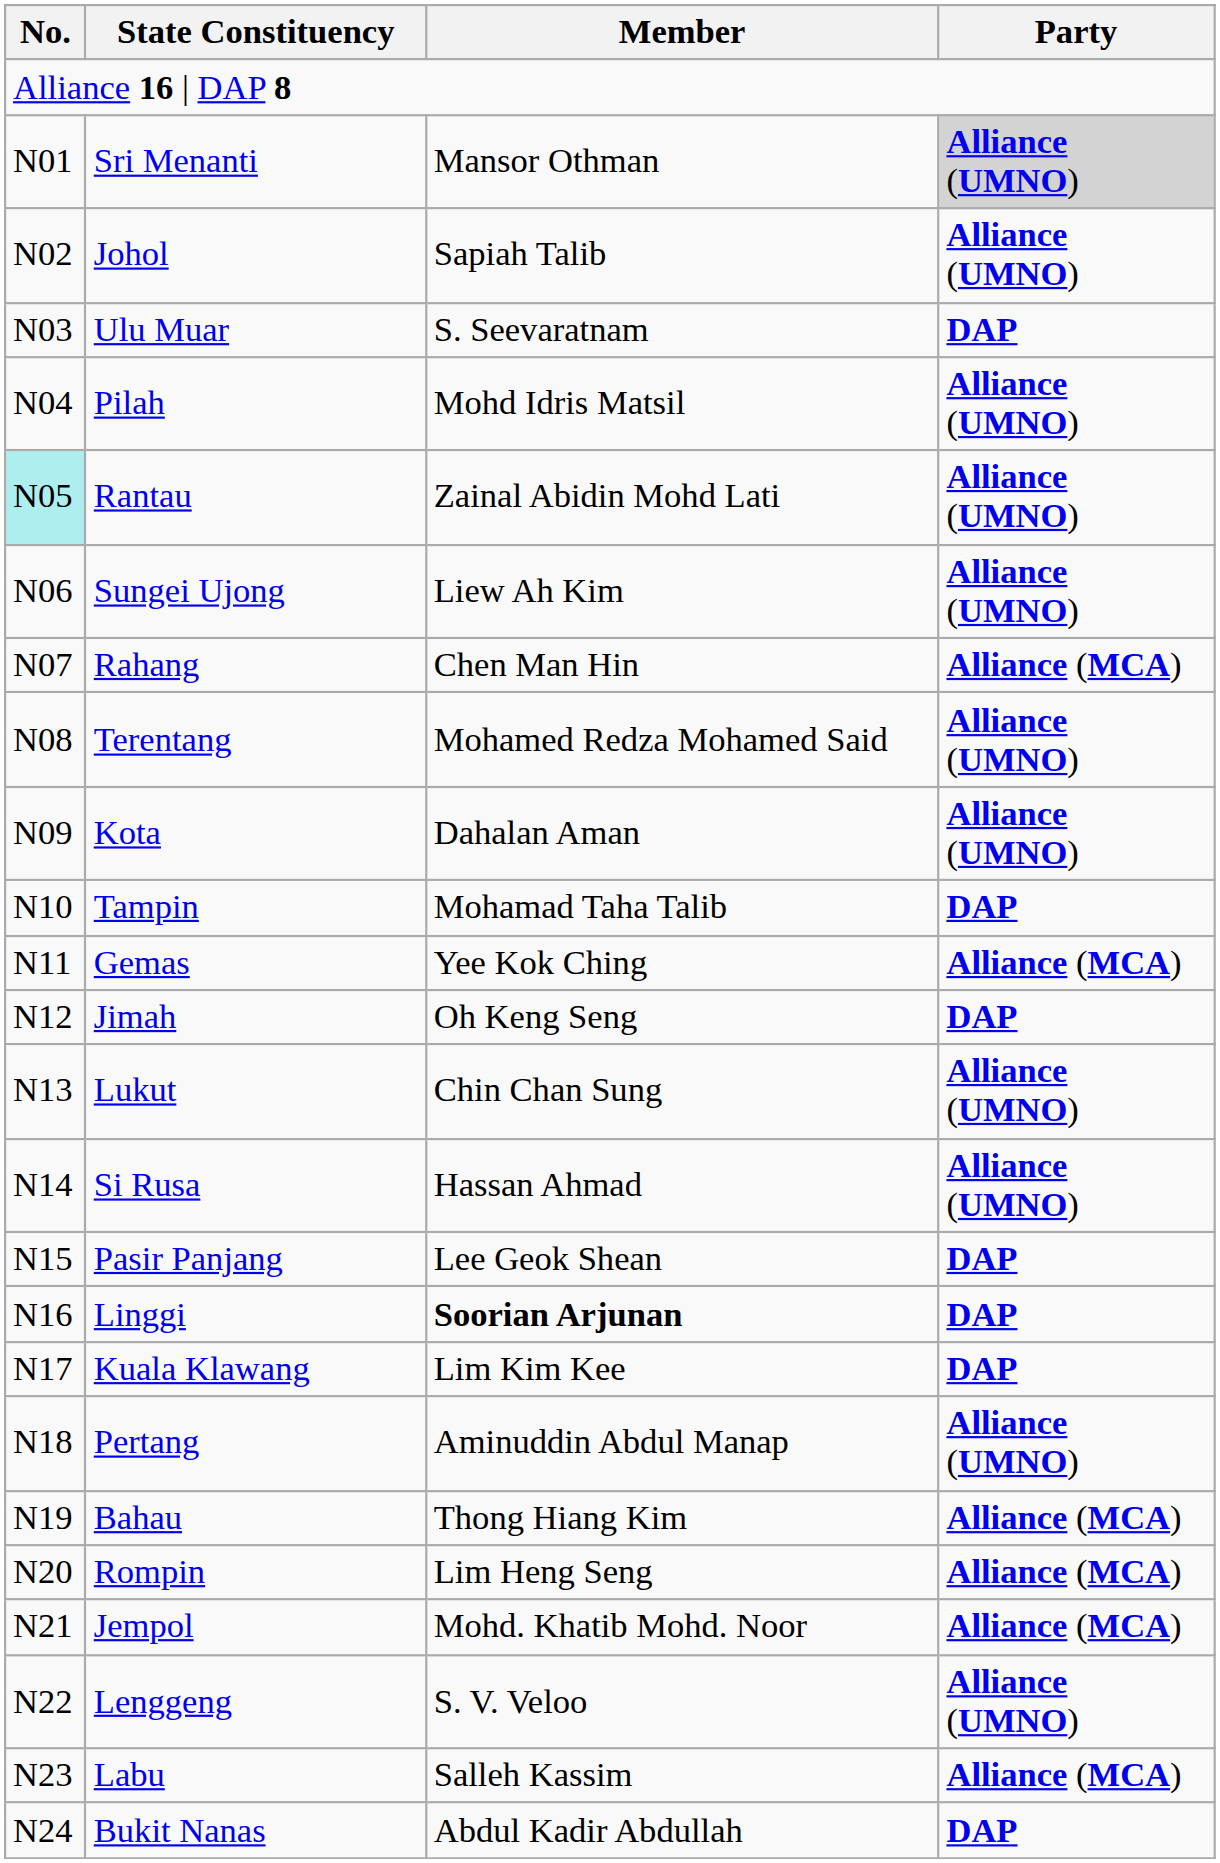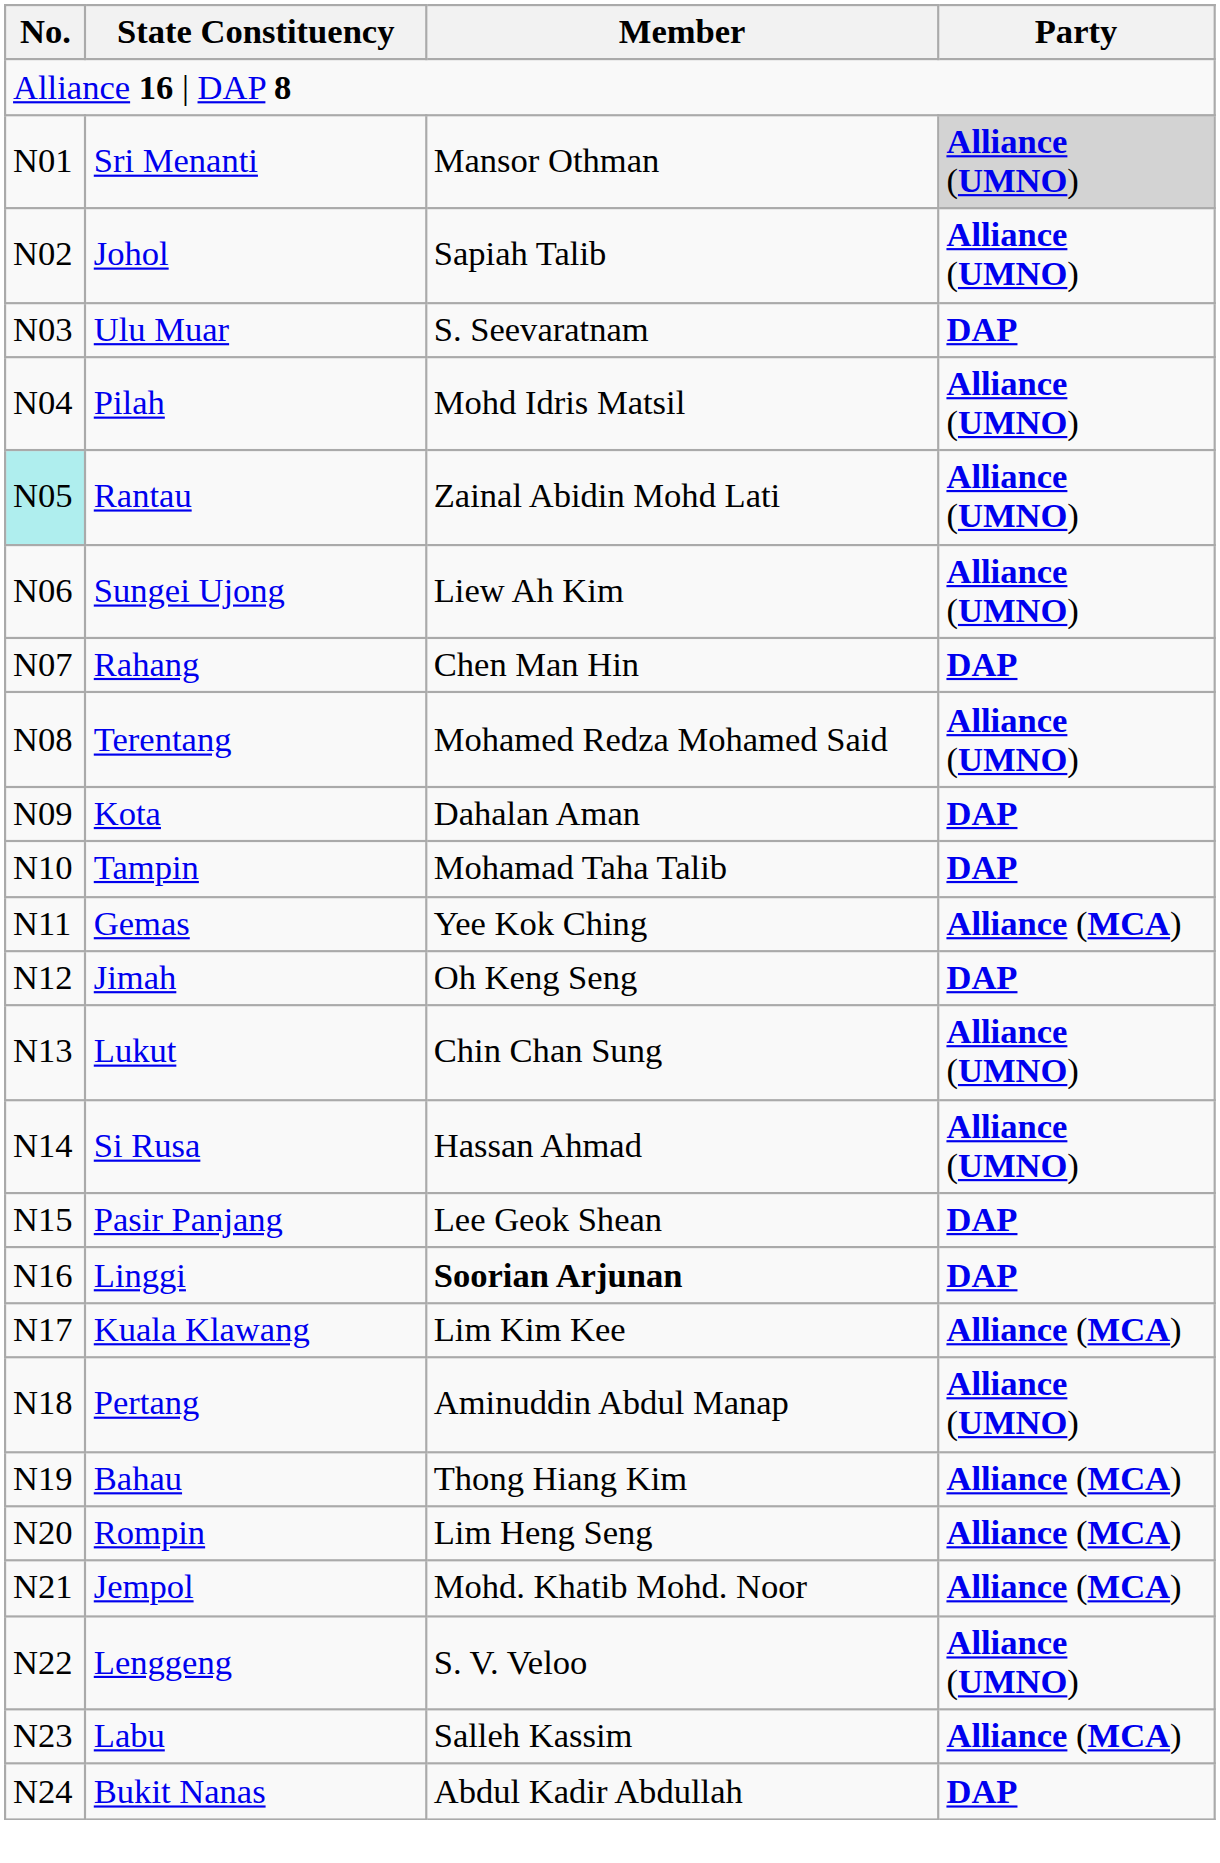 <table class="wikitable sortable">
 <tr>
 <th style="width:30px;">No.</th>
 <th style="width:150px;">State Constituency</th>
 <th style="width:230px;">Member</th>
 <th style="width:120px;">Party</th>
 </tr>
 <tr>
 <td colspan="4"><a href='#'>Alliance</a> <strong>16</strong> | <a href='#'>DAP</a> <strong>8</strong></td>
 </tr>
 <tr>
 <td>N01</td>
 <td><a href='#'>Sri Menanti</a></td>
 <td>Mansor Othman</td>
 <td style="background: lightgrey;"><strong><a href='#'>Alliance</a></strong> (<strong><a href='#'>UMNO</a></strong>)</td>
 </tr>
 <tr>
 <td>N02</td>
 <td><a href='#'>Johol</a></td>
 <td>Sapiah Talib</td>
 <td><strong><a href='#'>Alliance</a></strong> (<strong><a href='#'>UMNO</a></strong>)</td>
 </tr>
 <tr>
 <td>N03</td>
 <td><a href='#'>Ulu Muar</a></td>
 <td>S. Seevaratnam</td>
 <td><strong><a href='#'>DAP</a></strong></td>
 </tr>
 <tr>
 <td>N04</td>
 <td><a href='#'>Pilah</a></td>
 <td>Mohd Idris Matsil</td>
 <td><strong><a href='#'>Alliance</a></strong> (<strong><a href='#'>UMNO</a></strong>)</td>
 </tr>
 <tr>
 <td style="background: paleturquoise;">N05</td>
 <td><a href='#'>Rantau</a></td>
 <td>Zainal Abidin Mohd Lati</td>
 <td><strong><a href='#'>Alliance</a></strong> (<strong><a href='#'>UMNO</a></strong>)</td>
 </tr>
 <tr>
 <td>N06</td>
 <td><a href='#'>Sungei Ujong</a></td>
 <td>Liew Ah Kim</td>
 <td><strong><a href='#'>Alliance</a></strong> (<strong><a href='#'>UMNO</a></strong>)</td>
 </tr>
 <tr>
 <td>N07</td>
 <td><a href='#'>Rahang</a></td>
 <td>Chen Man Hin</td>
-<td><strong><a href='#'>Alliance</a></strong> (<strong><a href='#'>MCA</a></strong>)</td>
+<td><strong><a href='#'>DAP</a></strong></td>
 </tr>
 <tr>
 <td>N08</td>
 <td><a href='#'>Terentang</a></td>
 <td>Mohamed Redza Mohamed Said</td>
 <td><strong><a href='#'>Alliance</a></strong> (<strong><a href='#'>UMNO</a></strong>)</td>
 </tr>
 <tr>
 <td>N09</td>
 <td><a href='#'>Kota</a></td>
 <td>Dahalan Aman</td>
-<td><strong><a href='#'>Alliance</a></strong> (<strong><a href='#'>UMNO</a></strong>)</td>
+<td><strong><a href='#'>DAP</a></strong></td>
 </tr>
 <tr>
 <td>N10</td>
 <td><a href='#'>Tampin</a></td>
 <td>Mohamad Taha Talib</td>
 <td><strong><a href='#'>DAP</a></strong></td>
 </tr>
 <tr>
 <td>N11</td>
 <td><a href='#'>Gemas</a></td>
 <td>Yee Kok Ching</td>
 <td><strong><a href='#'>Alliance</a></strong> (<strong><a href='#'>MCA</a></strong>)</td>
 </tr>
 <tr>
 <td>N12</td>
 <td><a href='#'>Jimah</a></td>
 <td>Oh Keng Seng</td>
 <td><strong><a href='#'>DAP</a></strong></td>
 </tr>
 <tr>
 <td>N13</td>
 <td><a href='#'>Lukut</a></td>
 <td>Chin Chan Sung</td>
 <td><strong><a href='#'>Alliance</a></strong> (<strong><a href='#'>UMNO</a></strong>)</td>
 </tr>
 <tr>
 <td>N14</td>
 <td><a href='#'>Si Rusa</a></td>
 <td>Hassan Ahmad</td>
 <td><strong><a href='#'>Alliance</a></strong> (<strong><a href='#'>UMNO</a></strong>)</td>
 </tr>
 <tr>
 <td>N15</td>
 <td><a href='#'>Pasir Panjang</a></td>
 <td>Lee Geok Shean</td>
 <td><strong><a href='#'>DAP</a></strong></td>
 </tr>
 <tr>
 <td>N16</td>
 <td><a href='#'>Linggi</a></td>
 <td><strong>Soorian Arjunan</strong></td>
 <td><strong><a href='#'>DAP</a></strong></td>
 </tr>
 <tr>
 <td>N17</td>
 <td><a href='#'>Kuala Klawang</a></td>
 <td>Lim Kim Kee</td>
-<td><strong><a href='#'>DAP</a></strong></td>
+<td><strong><a href='#'>Alliance</a></strong> (<strong><a href='#'>MCA</a></strong>)</td>
 </tr>
 <tr>
 <td>N18</td>
 <td><a href='#'>Pertang</a></td>
 <td>Aminuddin Abdul Manap</td>
 <td><strong><a href='#'>Alliance</a></strong> (<strong><a href='#'>UMNO</a></strong>)</td>
 </tr>
 <tr>
 <td>N19</td>
 <td><a href='#'>Bahau</a></td>
 <td>Thong Hiang Kim</td>
 <td><strong><a href='#'>Alliance</a></strong> (<strong><a href='#'>MCA</a></strong>)</td>
 </tr>
 <tr>
 <td>N20</td>
 <td><a href='#'>Rompin</a></td>
 <td>Lim Heng Seng</td>
 <td><strong><a href='#'>Alliance</a></strong> (<strong><a href='#'>MCA</a></strong>)</td>
 </tr>
 <tr>
 <td>N21</td>
 <td><a href='#'>Jempol</a></td>
 <td>Mohd. Khatib Mohd. Noor</td>
 <td><strong><a href='#'>Alliance</a></strong> (<strong><a href='#'>MCA</a></strong>)</td>
 </tr>
 <tr>
 <td>N22</td>
 <td><a href='#'>Lenggeng</a></td>
 <td>S. V. Veloo</td>
 <td><strong><a href='#'>Alliance</a></strong> (<strong><a href='#'>UMNO</a></strong>)</td>
 </tr>
 <tr>
 <td>N23</td>
 <td><a href='#'>Labu</a></td>
 <td>Salleh Kassim</td>
 <td><strong><a href='#'>Alliance</a></strong> (<strong><a href='#'>MCA</a></strong>)</td>
 </tr>
 <tr>
 <td>N24</td>
 <td><a href='#'>Bukit Nanas</a></td>
 <td>Abdul Kadir Abdullah</td>
 <td><strong><a href='#'>DAP</a></strong></td>
 </tr>
 </table>
